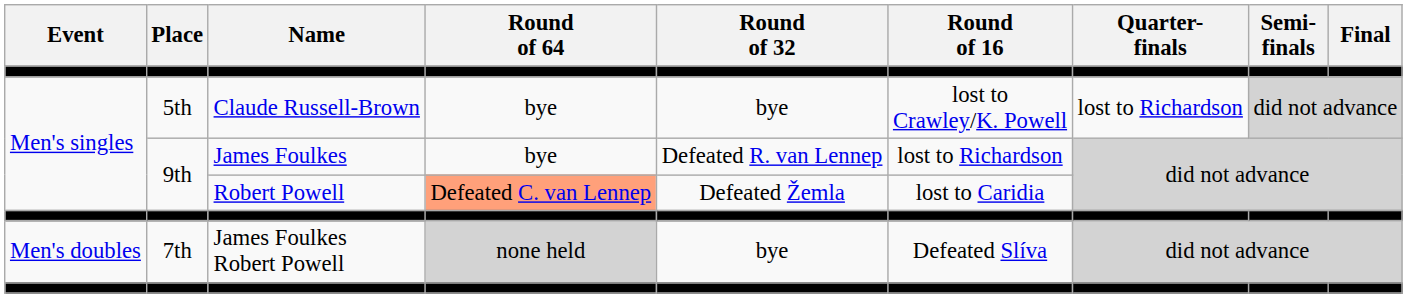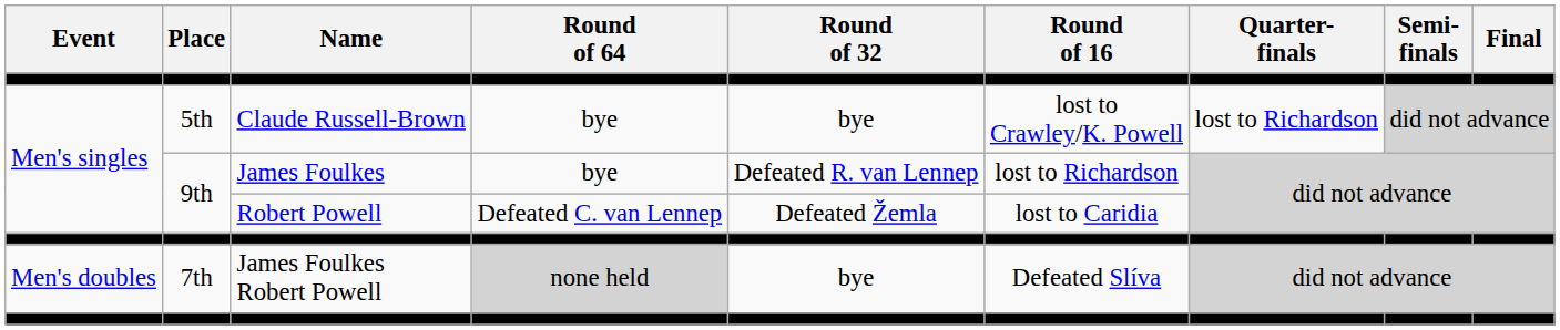 <table class=wikitable>
 <tr>
 <th>Event</th>
 <th>Place</th>
 <th>Name</th>
 <th>Round <br> of 64</th>
 <th>Round <br> of 32</th>
 <th>Round <br> of 16</th>
 <th>Quarter-<br>finals</th>
 <th>Semi-<br>finals</th>
 <th>Final</th>
 </tr>
 <tr bgcolor=black>
 <td></td>
 <td></td>
 <td></td>
 <td></td>
 <td></td>
 <td></td>
 <td></td>
 <td></td>
 <td></td>
 </tr>
 <tr align=center>
 <td rowspan=3 align=left><a href='#'>Men's singles</a></td>
 <td>5th</td>
 <td align=left><a href='#'>Claude Russell-Brown</a></td>
 <td>bye</td>
 <td>bye</td>
 <td>lost to <br> <a href='#'>Crawley</a>/<a href='#'>K. Powell</a></td>
 <td>lost to <a href='#'>Richardson</a></td>
 <td colspan=2 bgcolor=lightgray>did not advance</td>
 </tr>
 <tr align=center>
 <td rowspan=2>9th</td>
 <td align=left><a href='#'>James Foulkes</a></td>
 <td>bye</td>
 <td>Defeated <a href='#'>R. van Lennep</a></td>
 <td>lost to <a href='#'>Richardson</a></td>
 <td colspan=3 rowspan=2 bgcolor=lightgray>did not advance</td>
 </tr>
 <tr align=center>
 <td align=left><a href='#'>Robert Powell</a></td>
-<td style="background: lightsalmon;">Defeated <a href='#'>C. van Lennep</a></td>
+<td>Defeated <a href='#'>C. van Lennep</a></td>
 <td>Defeated <a href='#'>Žemla</a></td>
 <td>lost to <a href='#'>Caridia</a></td>
 </tr>
 <tr bgcolor=black>
 <td></td>
 <td></td>
 <td></td>
 <td></td>
 <td></td>
 <td></td>
 <td></td>
 <td></td>
 <td></td>
 </tr>
 <tr align=center>
 <td align=left><a href='#'>Men's doubles</a></td>
 <td>7th</td>
 <td align=left>James Foulkes <br> Robert Powell</td>
 <td bgcolor=lightgray>none held</td>
 <td>bye</td>
 <td>Defeated <a href='#'>Slíva</a></td>
 <td colspan=3 bgcolor=lightgray>did not advance</td>
 </tr>
 <tr bgcolor=black>
 <td></td>
 <td></td>
 <td></td>
 <td></td>
 <td></td>
 <td></td>
 <td></td>
 <td></td>
 <td></td>
 </tr>
 </table>
